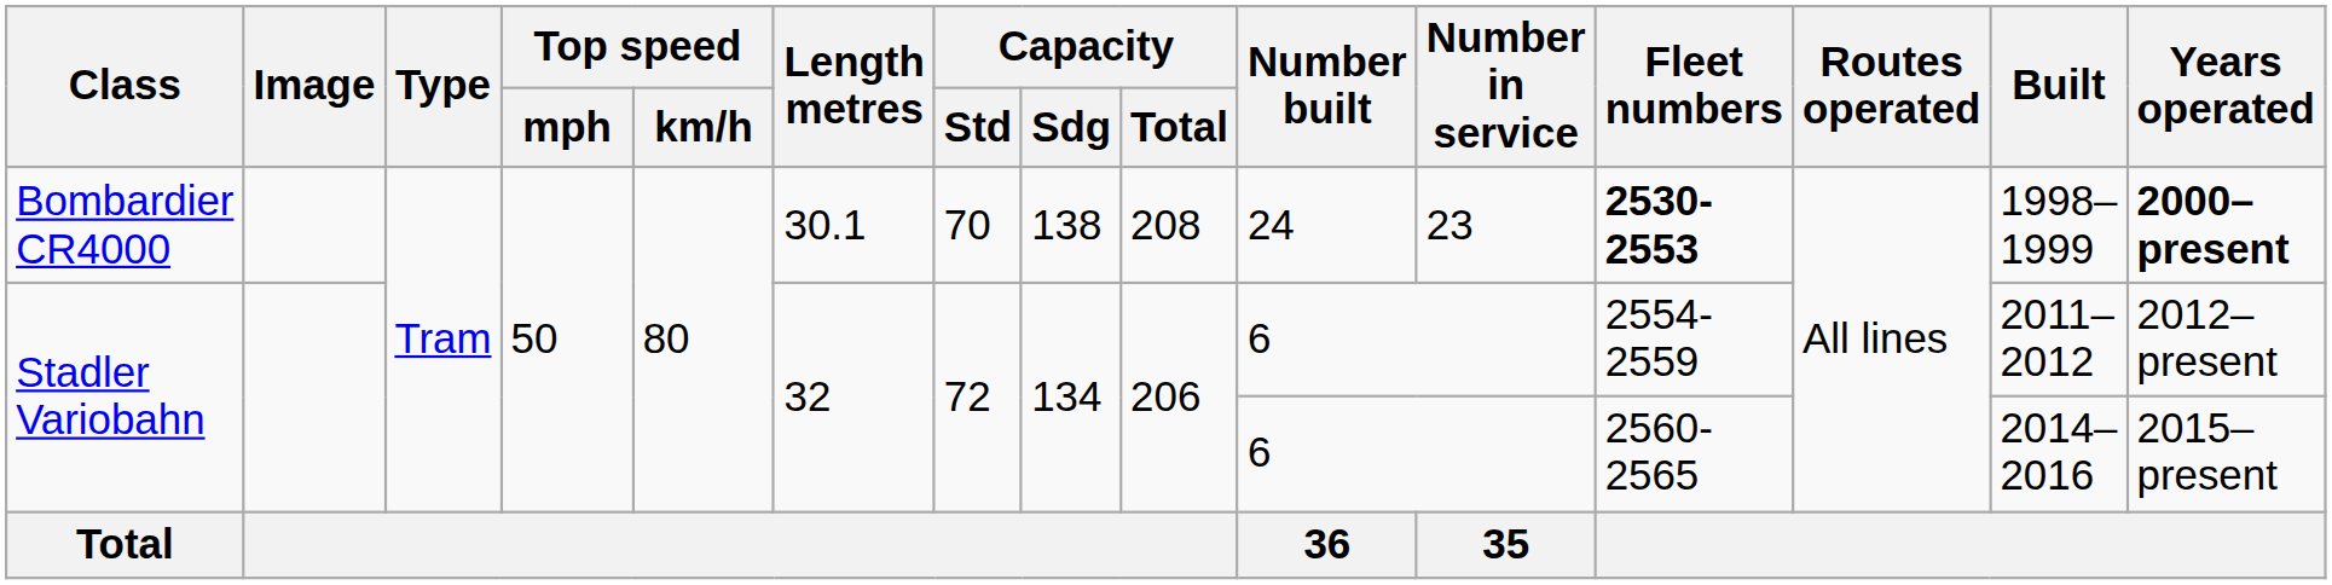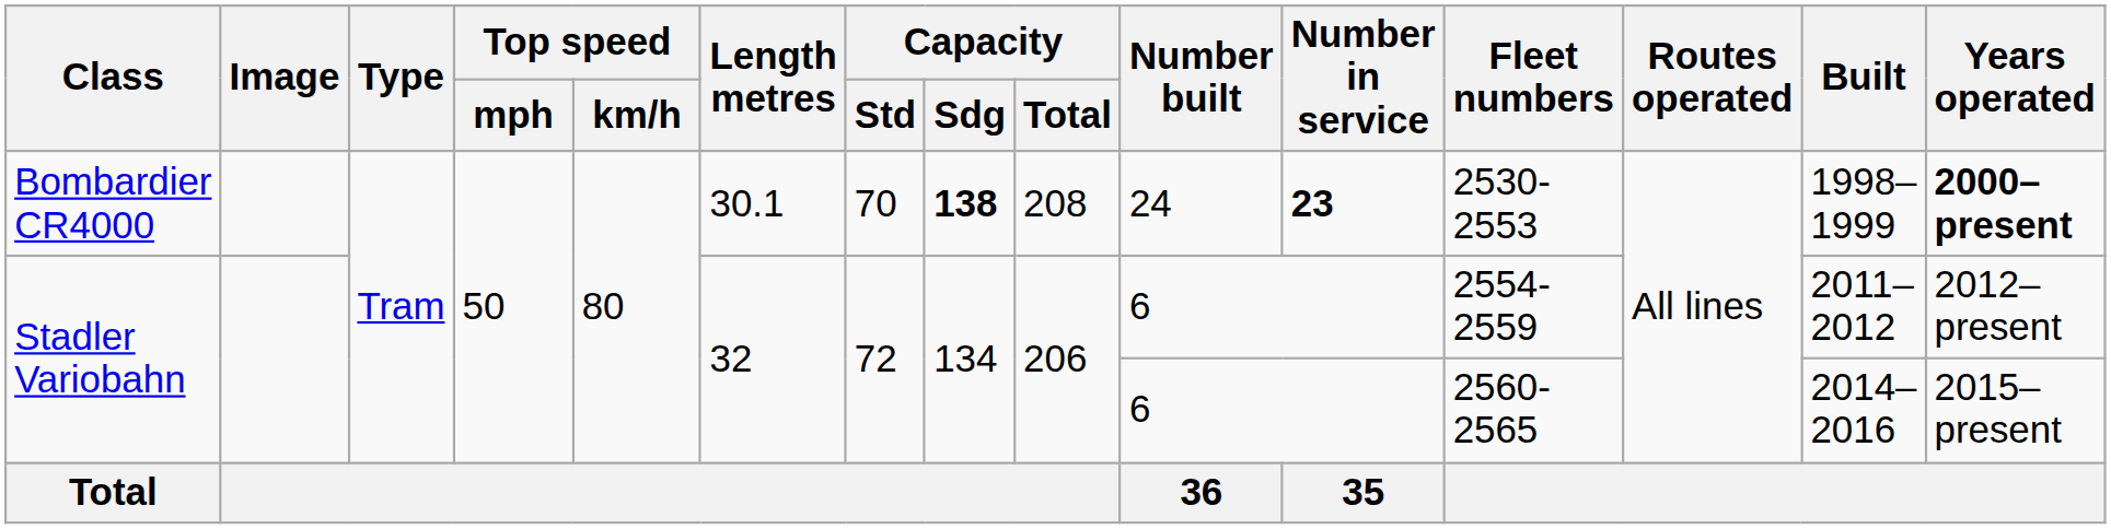 <table class="wikitable" style="background:#f9f9f9" style="text-align:center;">
 <tr>
 <th rowspan="2">Class</th>
 <th rowspan="2">Image</th>
 <th rowspan="2">Type</th>
 <th colspan="2"> Top speed </th>
 <th rowspan="2">Length<br>metres</th>
 <th colspan="3"> Capacity </th>
 <th rowspan="2">Number built</th>
 <th rowspan="2">Number in service</th>
 <th rowspan="2">Fleet<br>numbers</th>
 <th rowspan="2">Routes<br>operated</th>
 <th rowspan="2">Built</th>
 <th rowspan="2">Years<br>operated</th>
 </tr>
 <tr style="background:#f9f9f9;">
 <th> mph </th>
 <th> km/h </th>
 <th><abbr>Std</abbr></th>
 <th><abbr>Sdg</abbr></th>
 <th>Total</th>
 </tr>
 <tr>
 <td><a href='#'>Bombardier CR4000</a></td>
 <td></td>
 <td rowspan=3><a href='#'>Tram</a></td>
 <td rowspan=3>50</td>
 <td rowspan=3>80</td>
 <td>30.1</td>
 <td>70</td>
-<td>138</td>
+<td><strong>138</strong></td>
 <td>208</td>
 <td>24</td>
-<td>23</td>
-<td><strong>2530-2553</strong></td>
+<td><strong>23</strong></td>
+<td>2530-2553</td>
 <td rowspan=3>All lines</td>
 <td>1998–1999</td>
 <td><strong>2000–present</strong></td>
 </tr>
 <tr>
 <td rowspan=2><a href='#'>Stadler Variobahn</a></td>
 <td rowspan=2></td>
 <td rowspan="2">32</td>
 <td rowspan="2">72</td>
 <td rowspan="2">134</td>
 <td rowspan="2">206</td>
 <td colspan="2">6</td>
 <td>2554-2559</td>
 <td>2011–2012</td>
 <td>2012–present</td>
 </tr>
 <tr>
 <td colspan="2">6</td>
 <td>2560-2565</td>
 <td>2014–2016</td>
 <td>2015–present</td>
 </tr>
 <tr>
 <th>Total</th>
 <th colspan="8"></th>
 <th>36</th>
 <th>35</th>
 <th colspan="5"></th>
 </tr>
 </table>
